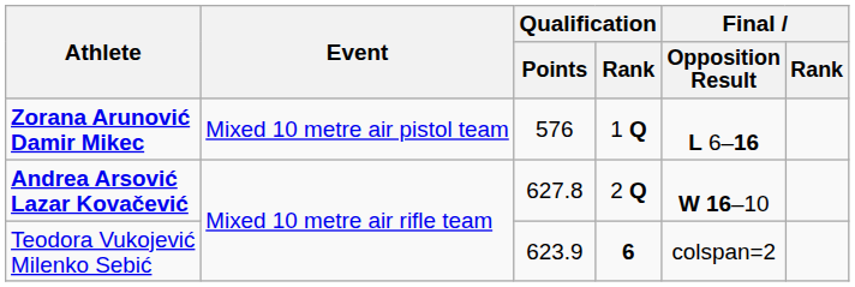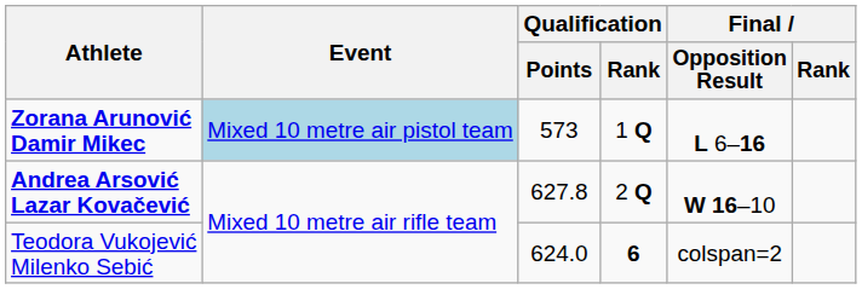 <table class="wikitable" style="font-size:90%">
 <tr>
 <th rowspan="2">Athlete</th>
 <th rowspan="2">Event</th>
 <th colspan=2>Qualification</th>
 <th colspan=2>Final / </th>
 </tr>
 <tr style="font-size:95%">
 <th>Points</th>
 <th>Rank</th>
 <th>Opposition<br>Result</th>
 <th>Rank</th>
 </tr>
 <tr align=center>
 <td align=left><strong><a href='#'>Zorana Arunović</a><br><a href='#'>Damir Mikec</a></strong></td>
-<td align=left><a href='#'>Mixed 10 metre air pistol team</a></td>
-<td>576</td>
+<td align=left style="background: lightblue;"><a href='#'>Mixed 10 metre air pistol team</a></td>
+<td>573</td>
 <td>1 <strong>Q</strong></td>
 <td><br><strong>L</strong> 6–<strong>16</strong></td>
 <td></td>
 </tr>
 <tr align=center>
 <td align=left><strong><a href='#'>Andrea Arsović</a><br><a href='#'>Lazar Kovačević</a></strong></td>
 <td align=left rowspan=2><a href='#'>Mixed 10 metre air rifle team</a></td>
 <td>627.8</td>
 <td>2 <strong>Q</strong></td>
 <td><br><strong>W</strong> <strong>16</strong>–10</td>
 <td></td>
 </tr>
 <tr align=center>
 <td align=left><a href='#'>Teodora Vukojević</a><br><a href='#'>Milenko Sebić</a></td>
-<td>623.9</td>
+<td>624.0</td>
 <td><strong>6</strong></td>
 <td>colspan=2 </td>
 </tr>
 </table>
